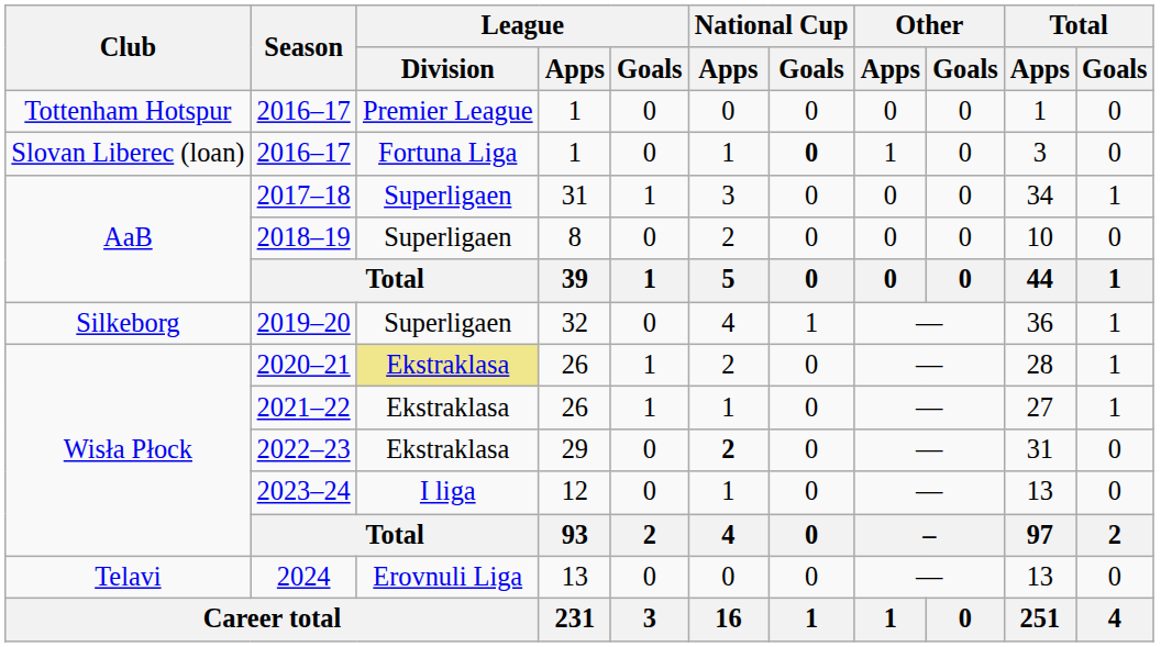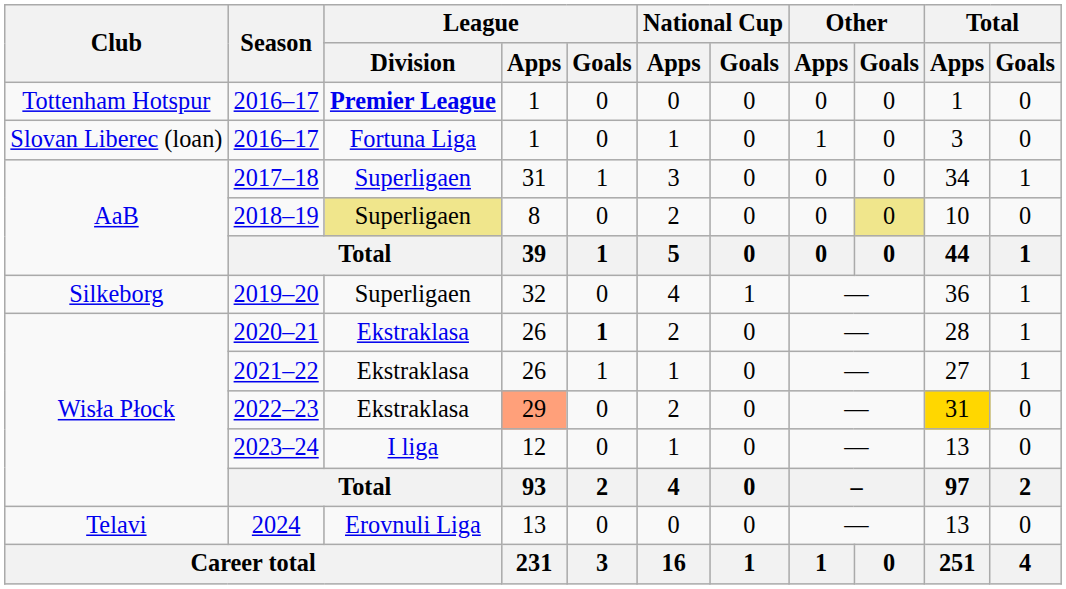 <table class="wikitable" style="text-align:center">
 <tr>
 <th rowspan="2">Club</th>
 <th rowspan="2">Season</th>
 <th colspan="3">League</th>
 <th colspan="2">National Cup</th>
 <th colspan="2">Other</th>
 <th colspan="2">Total</th>
 </tr>
 <tr>
 <th>Division</th>
 <th>Apps</th>
 <th>Goals</th>
 <th>Apps</th>
 <th>Goals</th>
 <th>Apps</th>
 <th>Goals</th>
 <th>Apps</th>
 <th>Goals</th>
 </tr>
 <tr>
 <td><a href='#'>Tottenham Hotspur</a></td>
 <td><a href='#'>2016–17</a></td>
-<td><a href='#'>Premier League</a></td>
+<td><strong><a href='#'>Premier League</a></strong></td>
 <td>1</td>
 <td>0</td>
 <td>0</td>
 <td>0</td>
 <td>0</td>
 <td>0</td>
 <td>1</td>
 <td>0</td>
 </tr>
 <tr>
 <td><a href='#'>Slovan Liberec</a> (loan)</td>
 <td><a href='#'>2016–17</a></td>
 <td><a href='#'>Fortuna Liga</a></td>
 <td>1</td>
 <td>0</td>
 <td>1</td>
-<td><strong>0</strong></td>
+<td>0</td>
 <td>1</td>
 <td>0</td>
 <td>3</td>
 <td>0</td>
 </tr>
 <tr>
 <td rowspan="3"><a href='#'>AaB</a></td>
 <td><a href='#'>2017–18</a></td>
 <td><a href='#'>Superligaen</a></td>
 <td>31</td>
 <td>1</td>
 <td>3</td>
 <td>0</td>
 <td>0</td>
 <td>0</td>
 <td>34</td>
 <td>1</td>
 </tr>
 <tr>
 <td><a href='#'>2018–19</a></td>
-<td>Superligaen</td>
+<td style="background: khaki;">Superligaen</td>
 <td>8</td>
 <td>0</td>
 <td>2</td>
 <td>0</td>
 <td>0</td>
-<td>0</td>
+<td style="background: khaki;">0</td>
 <td>10</td>
 <td>0</td>
 </tr>
 <tr>
 <th colspan="2">Total</th>
 <th>39</th>
 <th>1</th>
 <th>5</th>
 <th>0</th>
 <th>0</th>
 <th>0</th>
 <th>44</th>
 <th>1</th>
 </tr>
 <tr>
 <td><a href='#'>Silkeborg</a></td>
 <td><a href='#'>2019–20</a></td>
 <td>Superligaen</td>
 <td>32</td>
 <td>0</td>
 <td>4</td>
 <td>1</td>
 <td colspan="2">—</td>
 <td>36</td>
 <td>1</td>
 </tr>
 <tr>
 <td rowspan="5"><a href='#'>Wisła Płock</a></td>
 <td><a href='#'>2020–21</a></td>
-<td style="background: khaki;"><a href='#'>Ekstraklasa</a></td>
+<td><a href='#'>Ekstraklasa</a></td>
 <td>26</td>
-<td>1</td>
+<td><strong>1</strong></td>
 <td>2</td>
 <td>0</td>
 <td colspan="2">—</td>
 <td>28</td>
 <td>1</td>
 </tr>
 <tr>
 <td><a href='#'>2021–22</a></td>
 <td>Ekstraklasa</td>
 <td>26</td>
 <td>1</td>
 <td>1</td>
 <td>0</td>
 <td colspan="2">—</td>
 <td>27</td>
 <td>1</td>
 </tr>
 <tr>
 <td><a href='#'>2022–23</a></td>
 <td>Ekstraklasa</td>
-<td>29</td>
+<td style="background: lightsalmon;">29</td>
 <td>0</td>
-<td><strong>2</strong></td>
+<td>2</td>
 <td>0</td>
 <td colspan="2">—</td>
-<td>31</td>
+<td style="background: gold;">31</td>
 <td>0</td>
 </tr>
 <tr>
 <td><a href='#'>2023–24</a></td>
 <td><a href='#'>I liga</a></td>
 <td>12</td>
 <td>0</td>
 <td>1</td>
 <td>0</td>
 <td colspan="2">—</td>
 <td>13</td>
 <td>0</td>
 </tr>
 <tr>
 <th colspan="2">Total</th>
 <th>93</th>
 <th>2</th>
 <th>4</th>
 <th>0</th>
 <th colspan="2">–</th>
 <th>97</th>
 <th>2</th>
 </tr>
 <tr>
 <td><a href='#'>Telavi</a></td>
 <td><a href='#'>2024</a></td>
 <td><a href='#'>Erovnuli Liga</a></td>
 <td>13</td>
 <td>0</td>
 <td>0</td>
 <td>0</td>
 <td colspan="2">—</td>
 <td>13</td>
 <td>0</td>
 </tr>
 <tr>
 <th colspan="3">Career total</th>
 <th>231</th>
 <th>3</th>
 <th>16</th>
 <th>1</th>
 <th>1</th>
 <th>0</th>
 <th>251</th>
 <th>4</th>
 </tr>
 </table>
